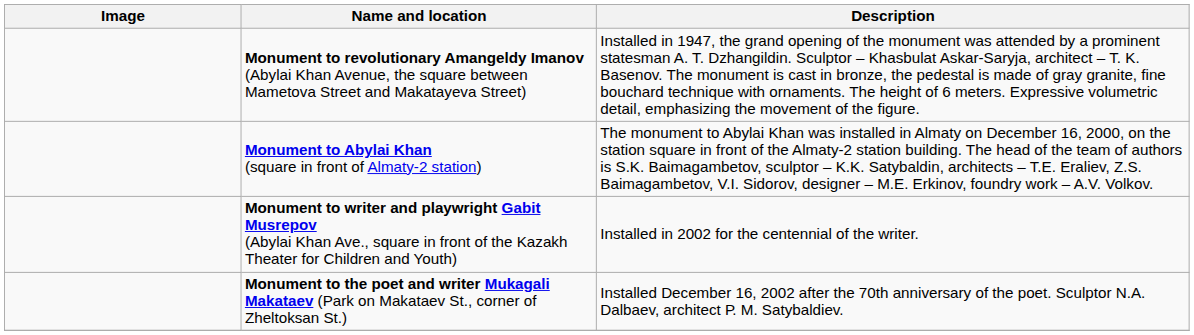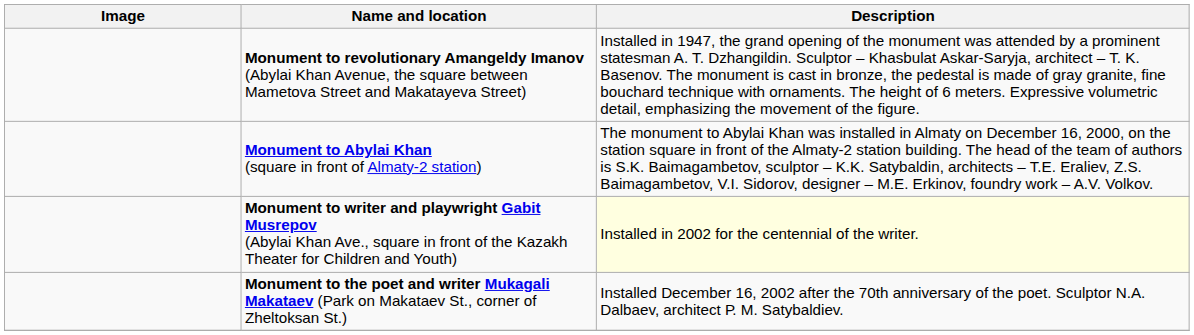 <table class="wikitable wide">
 <tr>
 <th width="20%">Image</th>
 <th width="30%">Name and location</th>
 <th width="50%">Description</th>
 </tr>
 <tr>
 <td></td>
 <td><strong>Monument to revolutionary Amangeldy Imanov</strong> (Abylai Khan Avenue, the square between Mametova Street and Makatayeva Street)</td>
 <td>Installed in 1947, the grand opening of the monument was attended by a prominent statesman A. T. Dzhangildin. Sculptor – Khasbulat Askar-Saryja, architect – T. K. Basenov. The monument is cast in bronze, the pedestal is made of gray granite, fine bouchard technique with ornaments. The height of 6 meters. Expressive volumetric detail, emphasizing the movement of the figure.</td>
 </tr>
 <tr>
 <td></td>
 <td><strong><a href='#'>Monument to Abylai Khan</a></strong><br>(square in front of <a href='#'>Almaty-2 station</a>)</td>
 <td>The monument to Abylai Khan was installed in Almaty on December 16, 2000, on the station square in front of the Almaty-2 station building. The head of the team of authors is S.K. Baimagambetov, sculptor – K.K. Satybaldin, architects – T.E. Eraliev, Z.S. Baimagambetov, V.I. Sidorov, designer – M.E. Erkinov, foundry work – A.V. Volkov.</td>
 </tr>
 <tr>
 <td></td>
 <td><strong>Monument to writer and playwright <a href='#'>Gabit Musrepov</a></strong><br>(Abylai Khan Ave., square in front of the Kazakh Theater for Children and Youth)</td>
-<td>Installed in 2002 for the centennial of the writer.</td>
+<td style="background: lightyellow;">Installed in 2002 for the centennial of the writer.</td>
 </tr>
 <tr>
 <td></td>
 <td><strong>Monument to the poet and writer <a href='#'>Mukagali Makataev</a></strong> (Park on Makataev St., corner of Zheltoksan St.)</td>
 <td>Installed December 16, 2002 after the 70th anniversary of the poet. Sculptor N.A. Dalbaev, architect Р. M. Satybaldiev.</td>
 </tr>
 <tr>
 </tr>
 </table>
